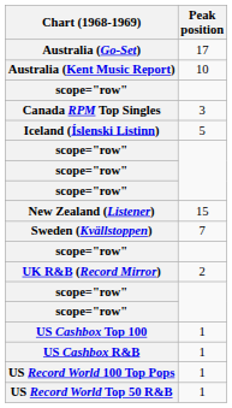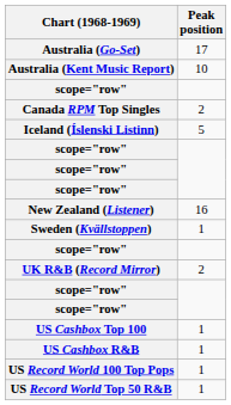 <table class="wikitable sortable plainrowheaders">
 <tr>
 <th scope="col">Chart (1968-1969)</th>
 <th scope="col">Peak<br>position</th>
 </tr>
 <tr>
 <th scope="row">Australia (<em><a href='#'>Go-Set</a></em>)</th>
 <td align="center">17</td>
 </tr>
 <tr>
 <th scope="row">Australia (<a href='#'>Kent Music Report</a>)</th>
 <td align="center">10</td>
 </tr>
 <tr>
 <th>scope="row" </th>
 </tr>
 <tr>
 <th scope="row">Canada <em><a href='#'>RPM</a></em> Top Singles</th>
-<td align="center">3</td>
+<td align="center">2</td>
 </tr>
 <tr>
 <th scope="row">Iceland (<a href='#'>Íslenski Listinn</a>)</th>
 <td style="text-align:center;">5</td>
 </tr>
 <tr>
 <th>scope="row" </th>
 </tr>
 <tr>
 <th>scope="row" </th>
 </tr>
 <tr>
 <th>scope="row" </th>
 </tr>
 <tr>
 <th scope="row">New Zealand (<em><a href='#'>Listener</a></em>)</th>
-<td style="text-align:center;">15</td>
+<td style="text-align:center;">16</td>
 </tr>
 <tr>
 <th scope="row">Sweden (<em><a href='#'>Kvällstoppen</a></em>)</th>
-<td align="center">7</td>
+<td align="center">1</td>
 </tr>
 <tr>
 <th>scope="row" </th>
 </tr>
 <tr>
 <th scope="row"><a href='#'>UK R&B</a> (<em><a href='#'>Record Mirror</a></em>)</th>
 <td align="center">2</td>
 </tr>
 <tr>
 <th>scope="row" </th>
 </tr>
 <tr>
 <th>scope="row" </th>
 </tr>
 <tr>
 <th scope="row"><a href='#'>US <em>Cashbox</em> Top 100</a></th>
 <td style="text-align:center;">1</td>
 </tr>
 <tr>
 <th scope="row"><a href='#'>US <em>Cashbox</em> R&B</a></th>
 <td style="text-align:center;">1</td>
 </tr>
 <tr>
 <th scope="row">US <a href='#'><em>Record World</em> 100 Top Pops</a></th>
 <td style="text-align:center;">1</td>
 </tr>
 <tr>
 <th scope="row">US <a href='#'><em>Record World</em> Top 50 R&B</a></th>
 <td style="text-align:center;">1</td>
 </tr>
 </table>
